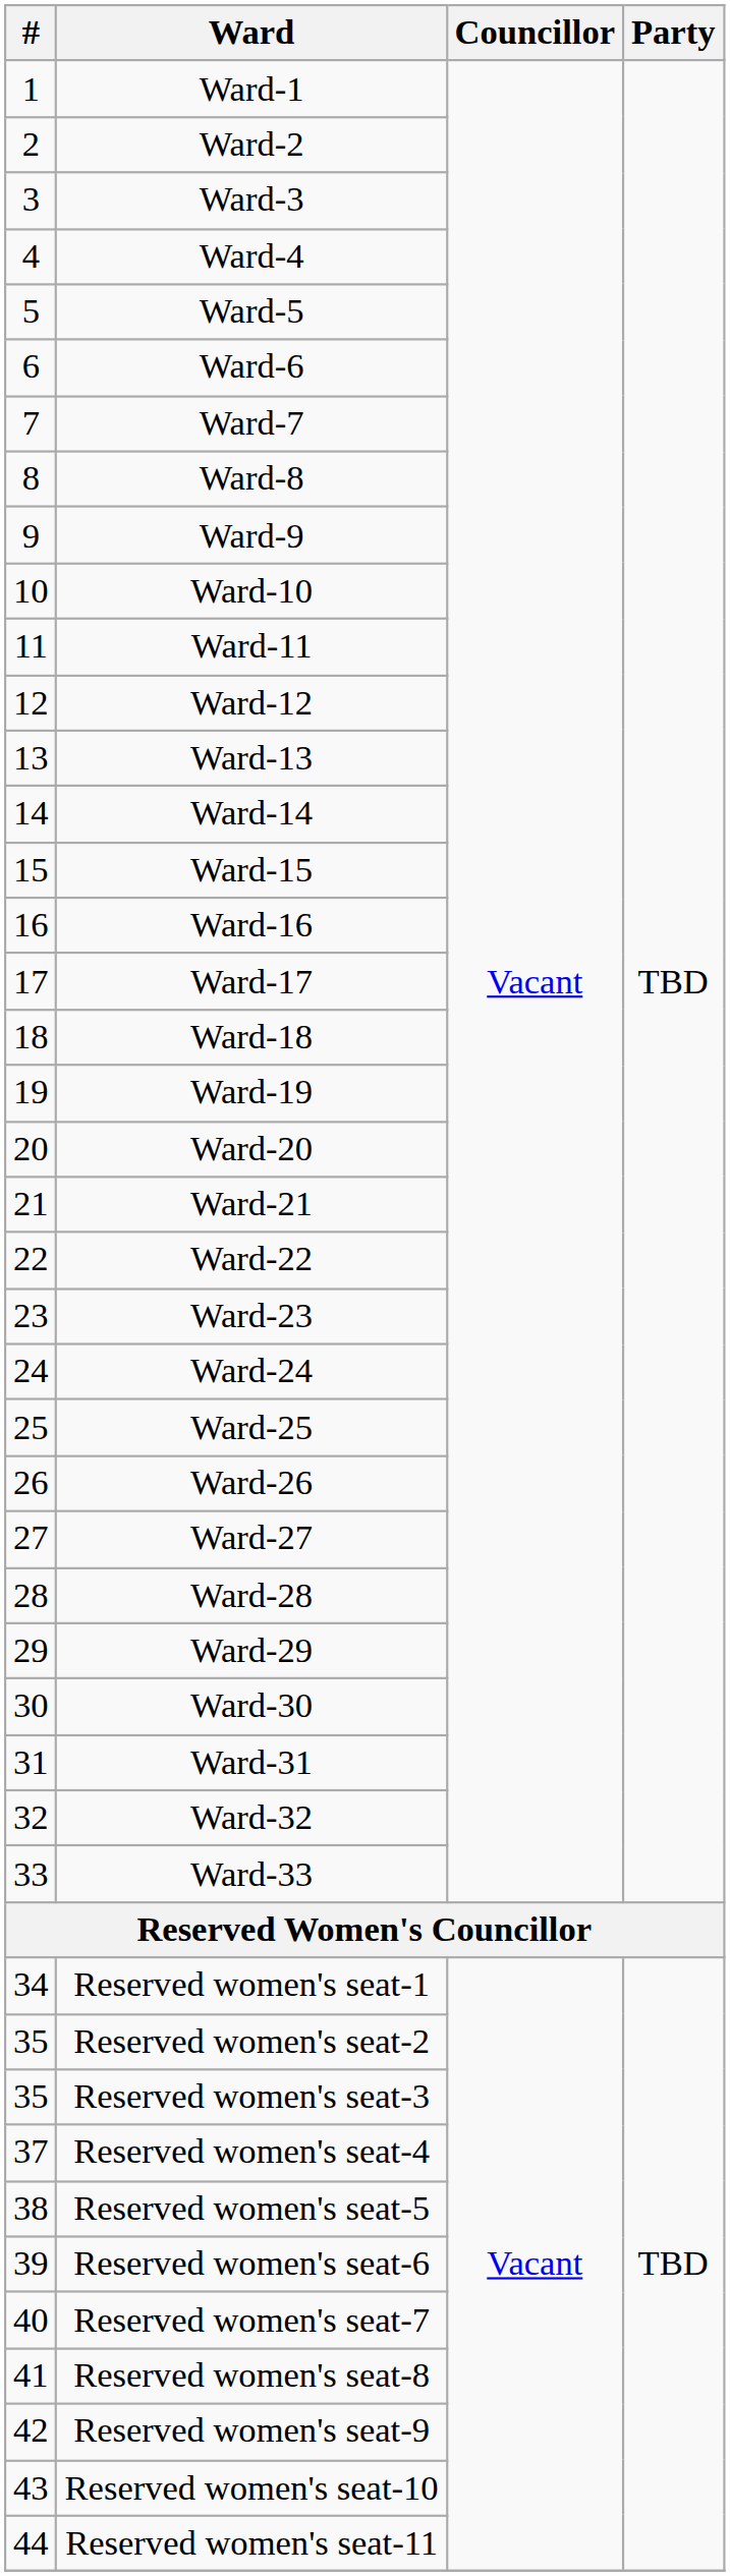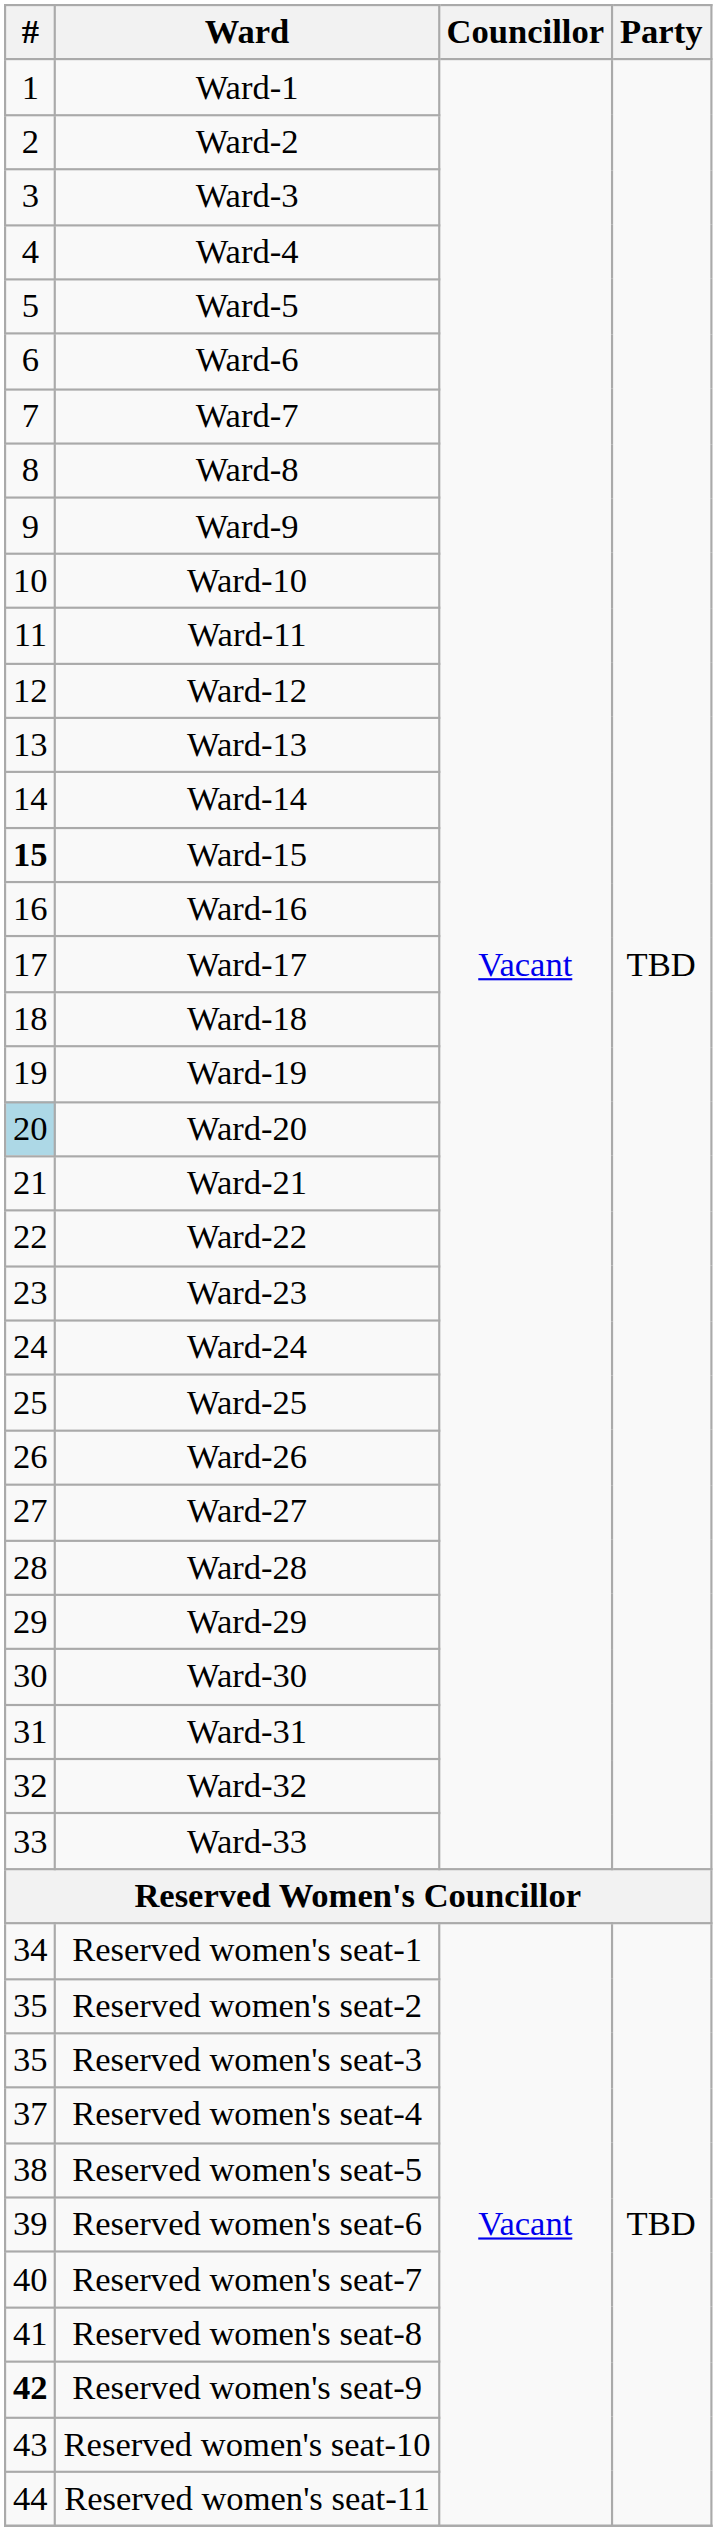 <table class="wikitable sortable" style="text-align:center;">
 <tr>
 <th>#</th>
 <th>Ward</th>
 <th>Councillor</th>
 <th colspan="2">Party</th>
 </tr>
 <tr>
 <td>1</td>
 <td>Ward-1</td>
 <td rowspan="33"><a href='#'>Vacant</a></td>
 <td colspan="2" rowspan="33" bgcolor="">TBD</td>
 </tr>
 <tr>
 <td>2</td>
 <td>Ward-2</td>
 </tr>
 <tr>
 <td>3</td>
 <td>Ward-3</td>
 </tr>
 <tr>
 <td>4</td>
 <td>Ward-4</td>
 </tr>
 <tr>
 <td>5</td>
 <td>Ward-5</td>
 </tr>
 <tr>
 <td>6</td>
 <td>Ward-6</td>
 </tr>
 <tr>
 <td>7</td>
 <td>Ward-7</td>
 </tr>
 <tr>
 <td>8</td>
 <td>Ward-8</td>
 </tr>
 <tr>
 <td>9</td>
 <td>Ward-9</td>
 </tr>
 <tr>
 <td>10</td>
 <td>Ward-10</td>
 </tr>
 <tr>
 <td>11</td>
 <td>Ward-11</td>
 </tr>
 <tr>
 <td>12</td>
 <td>Ward-12</td>
 </tr>
 <tr>
 <td>13</td>
 <td>Ward-13</td>
 </tr>
 <tr>
 <td>14</td>
 <td>Ward-14</td>
 </tr>
 <tr>
-<td>15</td>
+<td><strong>15</strong></td>
 <td>Ward-15</td>
 </tr>
 <tr>
 <td>16</td>
 <td>Ward-16</td>
 </tr>
 <tr>
 <td>17</td>
 <td>Ward-17</td>
 </tr>
 <tr>
 <td>18</td>
 <td>Ward-18</td>
 </tr>
 <tr>
 <td>19</td>
 <td>Ward-19</td>
 </tr>
 <tr>
-<td>20</td>
+<td style="background: lightblue;">20</td>
 <td>Ward-20</td>
 </tr>
 <tr>
 <td>21</td>
 <td>Ward-21</td>
 </tr>
 <tr>
 <td>22</td>
 <td>Ward-22</td>
 </tr>
 <tr>
 <td>23</td>
 <td>Ward-23</td>
 </tr>
 <tr>
 <td>24</td>
 <td>Ward-24</td>
 </tr>
 <tr>
 <td>25</td>
 <td>Ward-25</td>
 </tr>
 <tr>
 <td>26</td>
 <td>Ward-26</td>
 </tr>
 <tr>
 <td>27</td>
 <td>Ward-27</td>
 </tr>
 <tr>
 <td>28</td>
 <td>Ward-28</td>
 </tr>
 <tr>
 <td>29</td>
 <td>Ward-29</td>
 </tr>
 <tr>
 <td>30</td>
 <td>Ward-30</td>
 </tr>
 <tr>
 <td>31</td>
 <td>Ward-31</td>
 </tr>
 <tr>
 <td>32</td>
 <td>Ward-32</td>
 </tr>
 <tr>
 <td>33</td>
 <td>Ward-33</td>
 </tr>
 <tr>
 <th colspan="5"><strong>Reserved Women's Councillor</strong></th>
 </tr>
 <tr>
 <td>34</td>
 <td>Reserved women's seat-1</td>
 <td rowspan="11"><a href='#'>Vacant</a></td>
 <td colspan="2" rowspan="11" bgcolor="">TBD</td>
 </tr>
 <tr>
 <td>35</td>
 <td>Reserved women's seat-2</td>
 </tr>
 <tr>
 <td>35</td>
 <td>Reserved women's seat-3</td>
 </tr>
 <tr>
 <td>37</td>
 <td>Reserved women's seat-4</td>
 </tr>
 <tr>
 <td>38</td>
 <td>Reserved women's seat-5</td>
 </tr>
 <tr>
 <td>39</td>
 <td>Reserved women's seat-6</td>
 </tr>
 <tr>
 <td>40</td>
 <td>Reserved women's seat-7</td>
 </tr>
 <tr>
 <td>41</td>
 <td>Reserved women's seat-8</td>
 </tr>
 <tr>
-<td>42</td>
+<td><strong>42</strong></td>
 <td>Reserved women's seat-9</td>
 </tr>
 <tr>
 <td>43</td>
 <td>Reserved women's seat-10</td>
 </tr>
 <tr>
 <td>44</td>
 <td>Reserved women's seat-11</td>
 </tr>
 <tr>
 </tr>
 </table>
